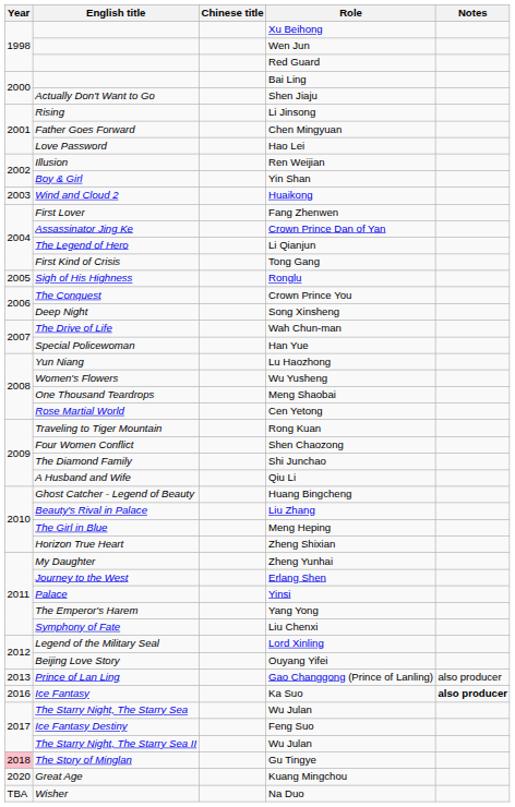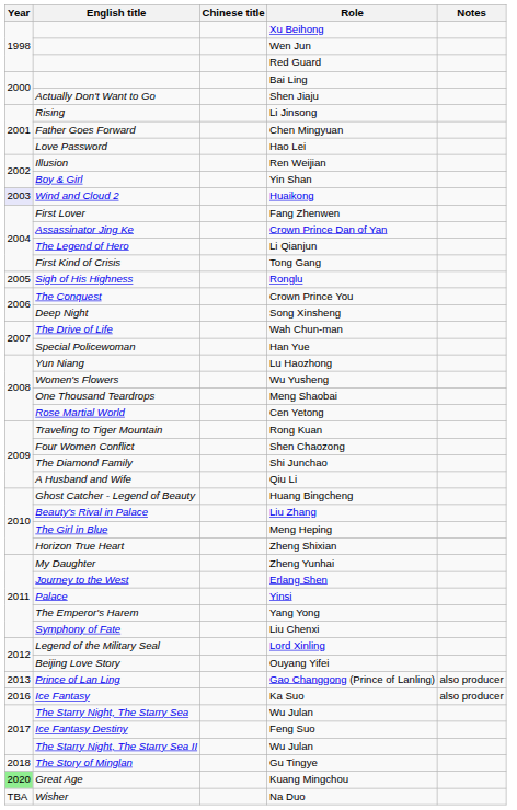 <table class="wikitable sortable">
 <tr>
 <th>Year</th>
 <th>English title</th>
 <th>Chinese title</th>
 <th>Role</th>
 <th class="unsortable">Notes</th>
 </tr>
 <tr>
 <td rowspan=3>1998</td>
 <td></td>
 <td></td>
 <td><a href='#'>Xu Beihong</a></td>
 <td></td>
 </tr>
 <tr>
 <td></td>
 <td></td>
 <td>Wen Jun</td>
 <td></td>
 </tr>
 <tr>
 <td></td>
 <td></td>
 <td>Red Guard</td>
 <td></td>
 </tr>
 <tr>
 <td rowspan=2>2000</td>
 <td></td>
 <td></td>
 <td>Bai Ling</td>
 <td></td>
 </tr>
 <tr>
 <td><em>Actually Don't Want to Go</em></td>
 <td></td>
 <td>Shen Jiaju</td>
 <td></td>
 </tr>
 <tr>
 <td rowspan=3>2001</td>
 <td><em>Rising</em></td>
 <td></td>
 <td>Li Jinsong</td>
 <td></td>
 </tr>
 <tr>
 <td><em>Father Goes Forward</em></td>
 <td></td>
 <td>Chen Mingyuan</td>
 <td></td>
 </tr>
 <tr>
 <td><em>Love Password</em></td>
 <td></td>
 <td>Hao Lei</td>
 <td></td>
 </tr>
 <tr>
 <td rowspan=2>2002</td>
 <td><em>Illusion</em></td>
 <td></td>
 <td>Ren Weijian</td>
 <td></td>
 </tr>
 <tr>
 <td><em><a href='#'>Boy & Girl</a></em></td>
 <td></td>
 <td>Yin Shan</td>
 <td></td>
 </tr>
 <tr>
-<td>2003</td>
+<td style="background: lavender;">2003</td>
 <td><em><a href='#'>Wind and Cloud 2</a></em></td>
 <td></td>
 <td><a href='#'>Huaikong</a></td>
 <td></td>
 </tr>
 <tr>
 <td rowspan=4>2004</td>
 <td><em>First Lover</em></td>
 <td></td>
 <td>Fang Zhenwen</td>
 <td></td>
 </tr>
 <tr>
 <td><em><a href='#'>Assassinator Jing Ke</a></em></td>
 <td></td>
 <td><a href='#'>Crown Prince Dan of Yan</a></td>
 <td></td>
 </tr>
 <tr>
 <td><em><a href='#'>The Legend of Hero</a></em></td>
 <td></td>
 <td>Li Qianjun</td>
 <td></td>
 </tr>
 <tr>
 <td><em>First Kind of Crisis</em></td>
 <td></td>
 <td>Tong Gang</td>
 <td></td>
 </tr>
 <tr>
 <td>2005</td>
 <td><em><a href='#'>Sigh of His Highness</a></em></td>
 <td></td>
 <td><a href='#'>Ronglu</a></td>
 <td></td>
 </tr>
 <tr>
 <td rowspan=2>2006</td>
 <td><em><a href='#'>The Conquest</a></em></td>
 <td></td>
 <td>Crown Prince You</td>
 <td></td>
 </tr>
 <tr>
 <td><em>Deep Night</em></td>
 <td></td>
 <td>Song Xinsheng</td>
 <td></td>
 </tr>
 <tr>
 <td rowspan=2>2007</td>
 <td><em><a href='#'>The Drive of Life</a></em></td>
 <td></td>
 <td>Wah Chun-man</td>
 <td></td>
 </tr>
 <tr>
 <td><em>Special Policewoman</em></td>
 <td></td>
 <td>Han Yue</td>
 <td></td>
 </tr>
 <tr>
 <td rowspan=4>2008</td>
 <td><em>Yun Niang</em></td>
 <td></td>
 <td>Lu Haozhong</td>
 <td></td>
 </tr>
 <tr>
 <td><em>Women's Flowers</em></td>
 <td></td>
 <td>Wu Yusheng</td>
 <td></td>
 </tr>
 <tr>
 <td><em>One Thousand Teardrops</em></td>
 <td></td>
 <td>Meng Shaobai</td>
 <td></td>
 </tr>
 <tr>
 <td><em><a href='#'>Rose Martial World</a></em></td>
 <td></td>
 <td>Cen Yetong</td>
 <td></td>
 </tr>
 <tr>
 <td rowspan=4>2009</td>
 <td><em>Traveling to Tiger Mountain</em></td>
 <td></td>
 <td>Rong Kuan</td>
 <td></td>
 </tr>
 <tr>
 <td><em>Four Women Conflict</em></td>
 <td></td>
 <td>Shen Chaozong</td>
 <td></td>
 </tr>
 <tr>
 <td><em>The Diamond Family</em></td>
 <td></td>
 <td>Shi Junchao</td>
 <td></td>
 </tr>
 <tr>
 <td><em>A Husband and Wife</em></td>
 <td></td>
 <td>Qiu Li</td>
 <td></td>
 </tr>
 <tr>
 <td rowspan=4>2010</td>
 <td><em>Ghost Catcher - Legend of Beauty</em></td>
 <td></td>
 <td>Huang Bingcheng</td>
 <td></td>
 </tr>
 <tr>
 <td><em><a href='#'>Beauty's Rival in Palace</a></em></td>
 <td></td>
 <td><a href='#'>Liu Zhang</a></td>
 <td></td>
 </tr>
 <tr>
 <td><em><a href='#'>The Girl in Blue</a></em></td>
 <td></td>
 <td>Meng Heping</td>
 <td></td>
 </tr>
 <tr>
 <td><em>Horizon True Heart</em></td>
 <td></td>
 <td>Zheng Shixian</td>
 <td></td>
 </tr>
 <tr>
 <td rowspan=5>2011</td>
 <td><em>My Daughter</em></td>
 <td></td>
 <td>Zheng Yunhai</td>
 <td></td>
 </tr>
 <tr>
 <td><em><a href='#'>Journey to the West</a></em></td>
 <td></td>
 <td><a href='#'>Erlang Shen</a></td>
 <td></td>
 </tr>
 <tr>
 <td><em><a href='#'>Palace</a></em></td>
 <td></td>
 <td><a href='#'>Yinsi</a></td>
 <td></td>
 </tr>
 <tr>
 <td><em>The Emperor's Harem</em></td>
 <td></td>
 <td>Yang Yong</td>
 <td></td>
 </tr>
 <tr>
 <td><em><a href='#'>Symphony of Fate</a></em></td>
 <td></td>
 <td>Liu Chenxi</td>
 <td></td>
 </tr>
 <tr>
 <td rowspan=2>2012</td>
 <td><em>Legend of the Military Seal</em></td>
 <td></td>
 <td><a href='#'>Lord Xinling</a></td>
 <td></td>
 </tr>
 <tr>
 <td><em>Beijing Love Story</em></td>
 <td></td>
 <td>Ouyang Yifei</td>
 <td></td>
 </tr>
 <tr>
 <td>2013</td>
 <td><em><a href='#'>Prince of Lan Ling</a> </em></td>
 <td></td>
 <td><a href='#'>Gao Changgong</a> (Prince of Lanling)</td>
 <td>also producer</td>
 </tr>
 <tr>
 <td>2016</td>
 <td><em><a href='#'>Ice Fantasy</a></em></td>
 <td></td>
 <td>Ka Suo</td>
-<td><strong>also producer</strong></td>
+<td>also producer</td>
 </tr>
 <tr>
 <td rowspan=3>2017</td>
 <td><em><a href='#'>The Starry Night, The Starry Sea</a> </em></td>
 <td></td>
 <td>Wu Julan</td>
 <td></td>
 </tr>
 <tr>
 <td><em><a href='#'>Ice Fantasy Destiny</a></em></td>
 <td></td>
 <td>Feng Suo</td>
 <td></td>
 </tr>
 <tr>
 <td><em><a href='#'>The Starry Night, The Starry Sea II</a></em></td>
 <td></td>
 <td>Wu Julan</td>
 <td></td>
 </tr>
 <tr>
-<td style="background: pink;">2018</td>
+<td>2018</td>
 <td><em><a href='#'>The Story of Minglan</a></em></td>
 <td></td>
 <td>Gu Tingye</td>
 <td></td>
 </tr>
 <tr>
-<td>2020</td>
+<td style="background: lightgreen;">2020</td>
 <td><em>Great Age</em></td>
 <td></td>
 <td>Kuang Mingchou</td>
 <td></td>
 </tr>
 <tr>
 <td>TBA</td>
 <td><em>Wisher</em></td>
 <td></td>
 <td>Na Duo</td>
 <td></td>
 </tr>
 </table>
